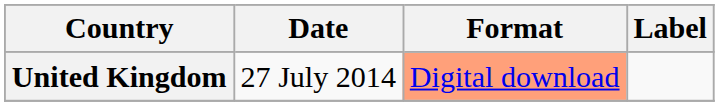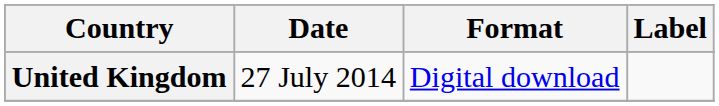 <table class="wikitable plainrowheaders">
 <tr>
 <th>Country</th>
 <th>Date</th>
 <th>Format</th>
 <th>Label</th>
 </tr>
 <tr>
 <th scope="row">United Kingdom</th>
 <td>27 July 2014</td>
-<td style="background: lightsalmon;"><a href='#'>Digital download</a></td>
+<td><a href='#'>Digital download</a></td>
 <td></td>
 </tr>
 <tr>
 </tr>
 </table>
